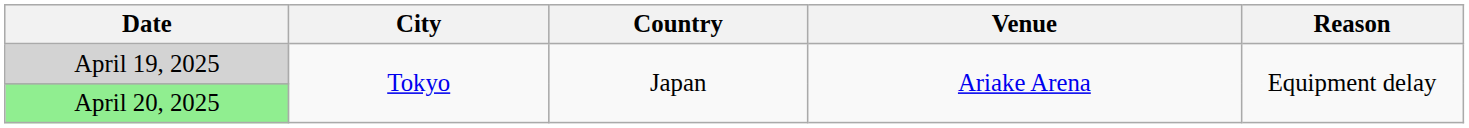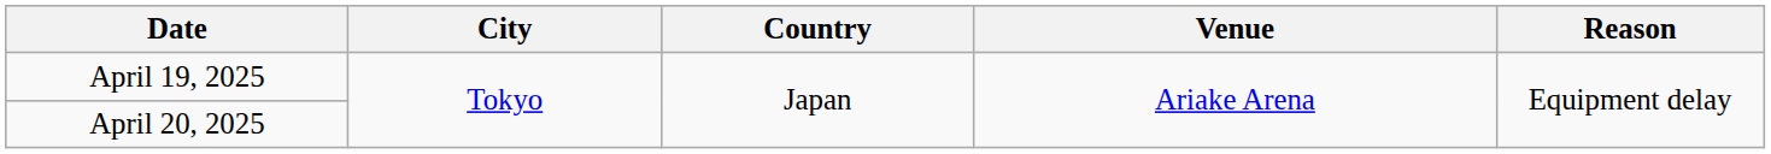 <table class="wikitable" style="text-align:center">
 <tr>
 <th scope="col" style="width:11em">Date</th>
 <th scope="col" style="width:10em">City</th>
 <th scope="col" style="width:10em">Country</th>
 <th scope="col" style="width:17em">Venue</th>
 <th scope="col" style="width:8.5em">Reason</th>
 </tr>
 <tr>
-<td style="background: lightgrey;">April 19, 2025</td>
+<td>April 19, 2025</td>
 <td rowspan="2"><a href='#'>Tokyo</a></td>
 <td rowspan="2">Japan</td>
 <td rowspan="2"><a href='#'>Ariake Arena</a></td>
 <td rowspan="2">Equipment delay</td>
 </tr>
 <tr>
-<td style="background: lightgreen;">April 20, 2025</td>
+<td>April 20, 2025</td>
 </tr>
 </table>
